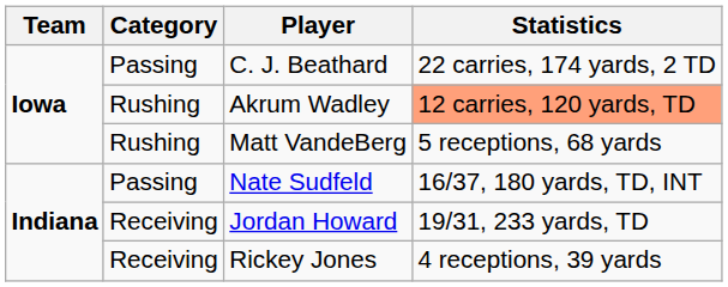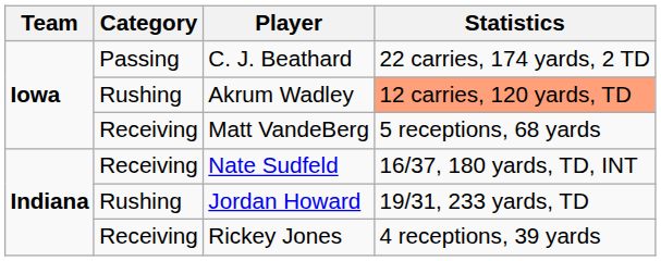 <table class="wikitable" style="float: left;">
 <tr>
 <th>Team</th>
 <th>Category</th>
 <th>Player</th>
 <th>Statistics</th>
 </tr>
 <tr>
 <td rowspan=3><strong>Iowa</strong></td>
 <td>Passing</td>
 <td>C. J. Beathard</td>
 <td>22 carries, 174 yards, 2 TD</td>
 </tr>
 <tr>
 <td>Rushing</td>
 <td>Akrum Wadley</td>
 <td style="background: lightsalmon;">12 carries, 120 yards, TD</td>
 </tr>
 <tr>
-<td>Rushing</td>
+<td>Receiving</td>
 <td>Matt VandeBerg</td>
 <td>5 receptions, 68 yards</td>
 </tr>
 <tr>
 <td rowspan=3><strong>Indiana</strong></td>
-<td>Passing</td>
+<td>Receiving</td>
 <td><a href='#'>Nate Sudfeld</a></td>
 <td>16/37, 180 yards, TD, INT</td>
 </tr>
 <tr>
-<td>Receiving</td>
+<td>Rushing</td>
 <td><a href='#'>Jordan Howard</a></td>
 <td>19/31, 233 yards, TD</td>
 </tr>
 <tr>
 <td>Receiving</td>
 <td>Rickey Jones</td>
 <td>4 receptions, 39 yards</td>
 </tr>
 </table>
